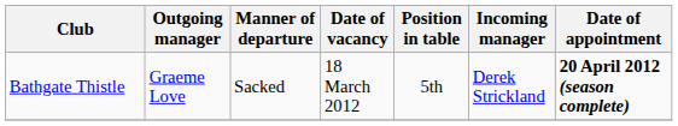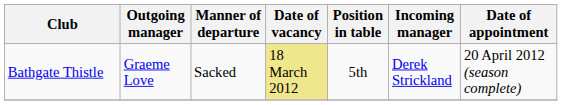 <table class="wikitable">
 <tr>
 <th width=120>Club</th>
 <th>Outgoing manager</th>
 <th>Manner of departure</th>
 <th>Date of vacancy</th>
 <th>Position in table</th>
 <th>Incoming manager</th>
 <th>Date of appointment</th>
 </tr>
 <tr>
 <td><a href='#'>Bathgate Thistle</a></td>
 <td><a href='#'>Graeme Love</a></td>
 <td>Sacked </td>
-<td>18 March 2012</td>
+<td style="background: khaki;">18 March 2012</td>
 <td align="center">5th</td>
 <td><a href='#'>Derek Strickland</a></td>
-<td><strong>20 April 2012 <em>(season complete)</em></strong></td>
+<td>20 April 2012 <em>(season complete)</em></td>
 </tr>
 <tr>
 </tr>
 </table>
